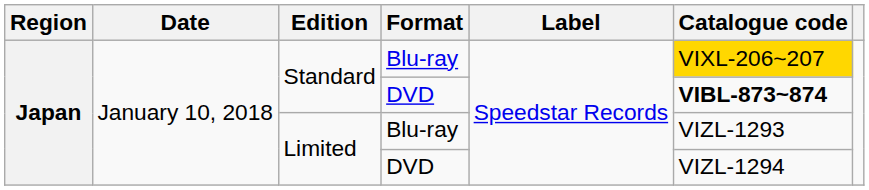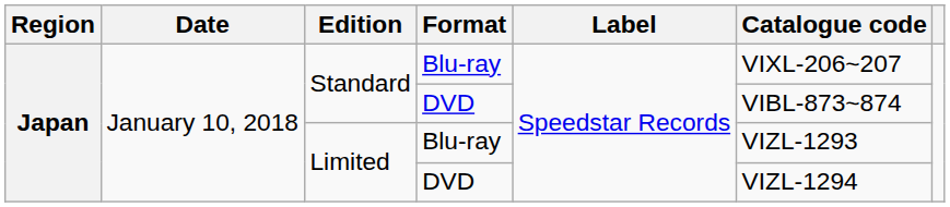 <table class="wikitable unsortable plainrowheaders">
 <tr>
 <th scope="col">Region</th>
 <th scope="col">Date</th>
 <th scope="col">Edition</th>
 <th scope="col">Format</th>
 <th scope="col">Label</th>
 <th>Catalogue code</th>
 <th scope="col"></th>
 </tr>
 <tr>
 <th scope="row" rowspan="4">Japan</th>
 <td rowspan="4">January 10, 2018</td>
 <td rowspan="2">Standard</td>
 <td><a href='#'>Blu-ray</a></td>
 <td rowspan="4"><a href='#'>Speedstar Records</a></td>
-<td style="background: gold;">VIXL-206~207</td>
+<td>VIXL-206~207</td>
 <td style="text-align:center;" rowspan="4"></td>
 </tr>
 <tr>
 <td><a href='#'>DVD</a></td>
-<td><strong>VIBL-873~874</strong></td>
+<td>VIBL-873~874</td>
 </tr>
 <tr>
 <td rowspan="2">Limited</td>
 <td>Blu-ray</td>
 <td>VIZL-1293</td>
 </tr>
 <tr>
 <td>DVD</td>
 <td>VIZL-1294</td>
 </tr>
 </table>
